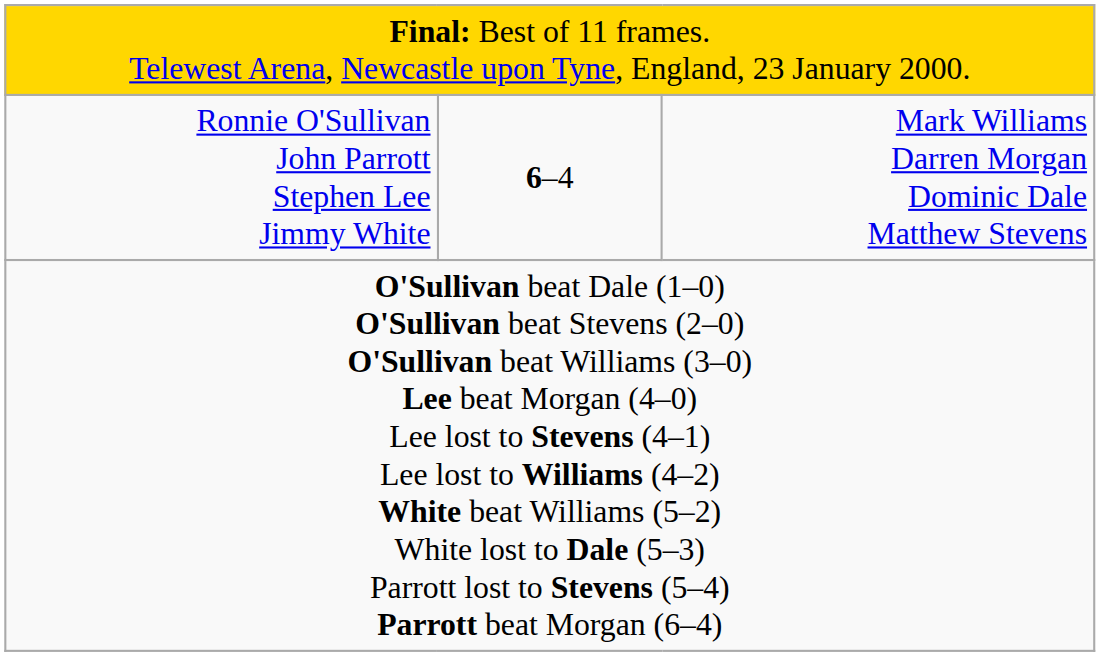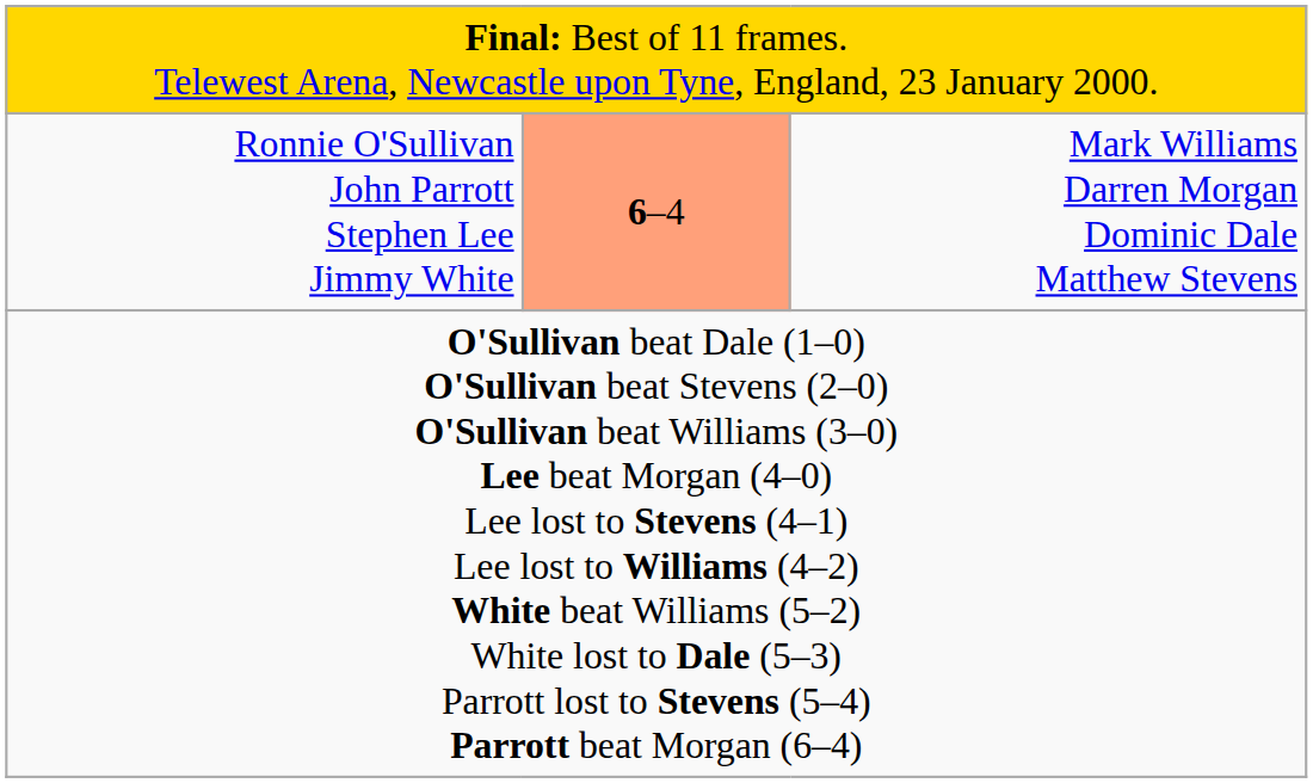 <table class="wikitable" style="font-size: 95%; margin: 1em auto 1em auto;">
 <tr>
 <td colspan="3"  style="text-align:center; background:gold;"><strong>Final:</strong> Best of 11 frames.<br><a href='#'>Telewest Arena</a>, <a href='#'>Newcastle upon Tyne</a>, England, 23 January 2000.</td>
 </tr>
 <tr>
 <td style="width:200px; text-align:right;"><a href='#'>Ronnie O'Sullivan</a><br><a href='#'>John Parrott</a><br><a href='#'>Stephen Lee</a><br><a href='#'>Jimmy White</a><br><strong></strong></td>
-<td style="width:100px; text-align:center;"><strong>6</strong>–4</td>
+<td style="background: lightsalmon; width:100px; text-align:center;"><strong>6</strong>–4</td>
 <td style="width:200px; text-align:right;"><a href='#'>Mark Williams</a><br><a href='#'>Darren Morgan</a><br><a href='#'>Dominic Dale</a><br><a href='#'>Matthew Stevens</a><br><strong></strong></td>
 </tr>
 <tr>
 <td colspan="3"  style="text-align:center; font-size:100%;"><strong>O'Sullivan</strong> beat Dale (1–0)<br><strong>O'Sullivan</strong> beat Stevens (2–0)<br><strong>O'Sullivan</strong> beat Williams (3–0)<br><strong>Lee</strong> beat Morgan (4–0)<br>Lee lost to <strong>Stevens</strong> (4–1)<br>Lee lost to <strong>Williams </strong> (4–2)<br><strong>White</strong> beat Williams (5–2)<br>White lost to <strong>Dale</strong> (5–3)<br>Parrott lost to <strong>Stevens</strong> (5–4)<br><strong>Parrott</strong> beat Morgan (6–4)</td>
 </tr>
 </table>
